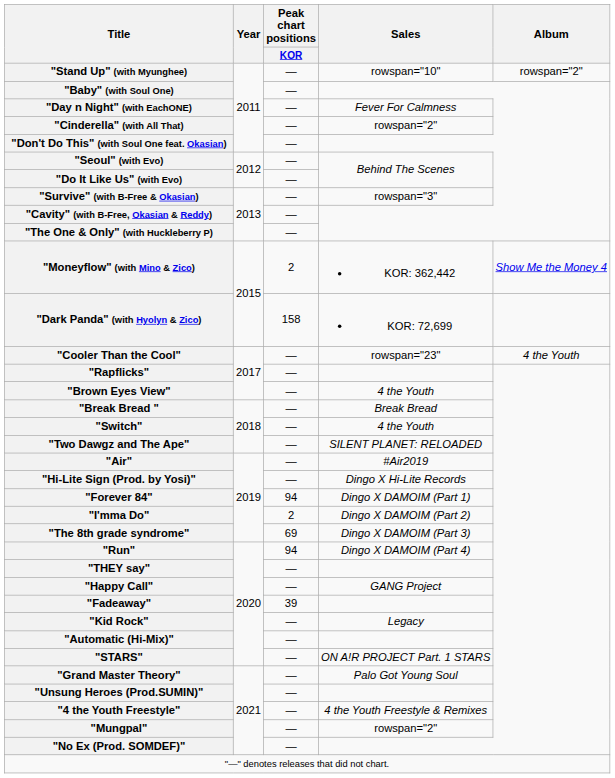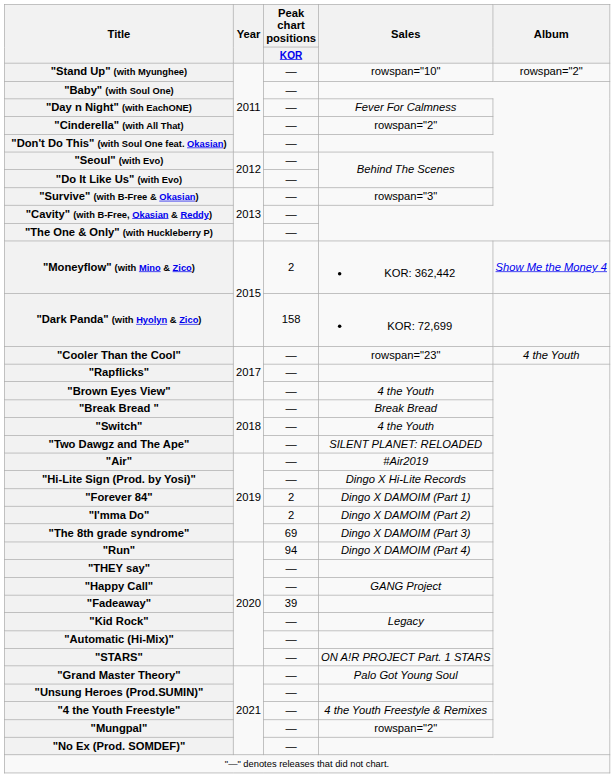 <table class="wikitable plainrowheaders" style="text-align:center;">
 <tr>
 <th scope="col" rowspan="2" style="width:20em;">Title</th>
 <th scope="col" rowspan="2">Year</th>
 <th scope="col" colspan="1">Peak chart positions</th>
 <th scope="col" rowspan="2">Sales</th>
 <th scope="col" rowspan="2">Album</th>
 </tr>
 <tr>
 <th scope="col" style="width:2.5em;font-size:90%;"><a href='#'>KOR</a><br></th>
 </tr>
 <tr>
 <th scope="row">"Stand Up" <small>(with Myunghee)</small></th>
 <td rowspan="5">2011</td>
 <td>—</td>
 <td>rowspan="10" </td>
 <td>rowspan="2" </td>
 </tr>
 <tr>
 <th scope="row">"Baby" <small>(with Soul One)</small></th>
 <td>—</td>
 </tr>
 <tr>
 <th scope="row">"Day n Night" <small>(with EachONE)</small></th>
 <td>—</td>
 <td><em>Fever For Calmness</em></td>
 </tr>
 <tr>
 <th scope="row">"Cinderella" <small>(with All That)</small></th>
 <td>—</td>
 <td>rowspan="2" </td>
 </tr>
 <tr>
 <th scope="row">"Don't Do This"  <small>(with Soul One feat. <a href='#'>Okasian</a>)</small></th>
 <td>—</td>
 </tr>
 <tr>
 <th scope="row">"Seoul"  <small>(with Evo)</small></th>
 <td rowspan="2">2012</td>
 <td>—</td>
 <td rowspan="2"><em>Behind The Scenes</em></td>
 </tr>
 <tr>
 <th scope="row">"Do It Like Us" <small>(with Evo)</small></th>
 <td>—</td>
 </tr>
 <tr>
 <th scope="row">"Survive"  <small>(with B-Free & <a href='#'>Okasian</a>)</small></th>
 <td rowspan="3">2013</td>
 <td>—</td>
 <td>rowspan="3" </td>
 </tr>
 <tr>
 <th scope="row">"Cavity"  <small>(with B-Free, <a href='#'>Okasian</a> & <a href='#'>Reddy</a>)</small></th>
 <td>—</td>
 </tr>
 <tr>
 <th scope="row">"The One & Only" <small>(with Huckleberry P)</small></th>
 <td>—</td>
 </tr>
 <tr>
 <th scope="row">"Moneyflow"  <small>(with <a href='#'>Mino</a> & <a href='#'>Zico</a>)</small></th>
 <td rowspan="2">2015</td>
 <td>2</td>
 <td><br><ul><li>KOR: 362,442</li></ul></td>
 <td><em><a href='#'>Show Me the Money 4</a></em></td>
 </tr>
 <tr>
 <th scope="row">"Dark Panda"  <small>(with <a href='#'>Hyolyn</a> & <a href='#'>Zico</a>)</small></th>
 <td>158</td>
 <td><br><ul><li>KOR: 72,699</li></ul></td>
 <td></td>
 </tr>
 <tr>
 <th scope="row">"Cooler Than the Cool" </th>
 <td rowspan="3">2017</td>
 <td>—</td>
 <td>rowspan="23" </td>
 <td><em>4 the Youth</em></td>
 </tr>
 <tr>
 <th scope="row">"Rapflicks" </th>
 <td>—</td>
 <td></td>
 </tr>
 <tr>
 <th scope="row">"Brown Eyes View" </th>
 <td>—</td>
 <td><em>4 the Youth</em></td>
 </tr>
 <tr>
 <th scope="row">"Break Bread " </th>
 <td rowspan="3">2018</td>
 <td>—</td>
 <td><em>Break Bread</em></td>
 </tr>
 <tr>
 <th scope="row">"Switch" </th>
 <td>—</td>
 <td><em>4 the Youth</em></td>
 </tr>
 <tr>
 <th scope="row">"Two Dawgz and The Ape" </th>
 <td>—</td>
 <td><em>SILENT PLANET: RELOADED</em></td>
 </tr>
 <tr>
 <th scope="row">"Air"  </th>
 <td rowspan="5">2019</td>
 <td>—</td>
 <td><em>#Air2019</em></td>
 </tr>
 <tr>
 <th scope="row">"Hi-Lite Sign (Prod. by Yosi)"  </th>
 <td>—</td>
 <td><em>Dingo X Hi-Lite Records</em></td>
 </tr>
 <tr>
 <th scope="row">"Forever 84" </th>
-<td>94</td>
+<td>2</td>
 <td><em>Dingo X DAMOIM (Part 1)</em></td>
 </tr>
 <tr>
 <th scope="row">"I'mma Do"  </th>
 <td>2</td>
 <td><em>Dingo X DAMOIM (Part 2)</em></td>
 </tr>
 <tr>
 <th scope="row">"The 8th grade syndrome"  </th>
 <td>69</td>
 <td><em>Dingo X DAMOIM (Part 3)</em></td>
 </tr>
 <tr>
 <th scope="row">"Run"  </th>
 <td rowspan="7">2020</td>
 <td>94</td>
 <td><em>Dingo X DAMOIM (Part 4)</em></td>
 </tr>
 <tr>
 <th scope="row">"THEY say" </th>
 <td>—</td>
 <td></td>
 </tr>
 <tr>
 <th scope="row">"Happy Call" </th>
 <td>—</td>
 <td><em>GANG Project</em></td>
 </tr>
 <tr>
 <th scope="row">"Fadeaway" </th>
 <td>39</td>
 <td></td>
 </tr>
 <tr>
 <th scope="row">"Kid Rock" </th>
 <td>—</td>
 <td><em>Legacy</em></td>
 </tr>
 <tr>
 <th scope="row">"Automatic (Hi-Mix)" </th>
 <td>—</td>
 <td></td>
 </tr>
 <tr>
 <th scope="row">"STARS" </th>
 <td>—</td>
 <td><em>ON A!R PROJECT Part. 1 STARS</em></td>
 </tr>
 <tr>
 <th scope="row">"Grand Master Theory" </th>
 <td rowspan="5">2021</td>
 <td>—</td>
 <td><em>Palo Got Young Soul</em></td>
 </tr>
 <tr>
 <th scope="row">"Unsung Heroes (Prod.SUMIN)" </th>
 <td>—</td>
 <td></td>
 </tr>
 <tr>
 <th scope="row">"4 the Youth Freestyle" </th>
 <td>—</td>
 <td><em>4 the Youth Freestyle & Remixes </em></td>
 </tr>
 <tr>
 <th scope="row">"Mungpal"  </th>
 <td>—</td>
 <td>rowspan="2" </td>
 </tr>
 <tr>
 <th scope="row">"No Ex (Prod. SOMDEF)" </th>
 <td>—</td>
 </tr>
 <tr>
 <td colspan="5" align="center"><small>"—" denotes releases that did not chart.</small></td>
 </tr>
 </table>
